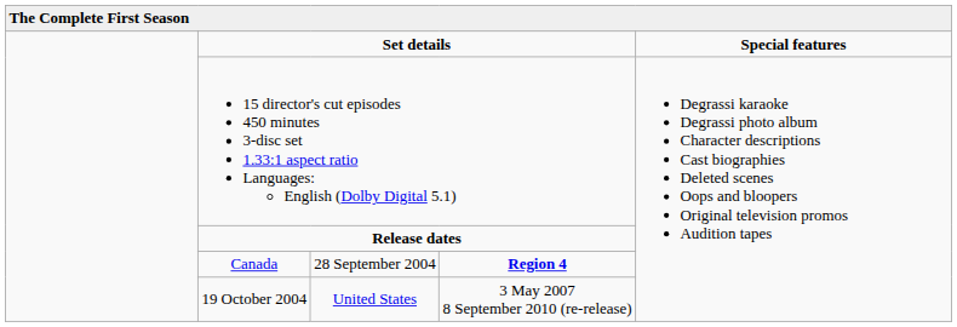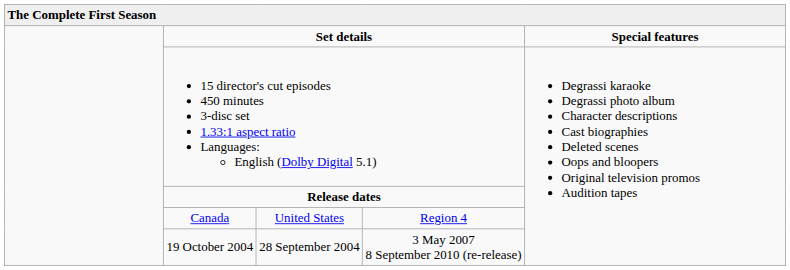 <table class="wikitable" style="font-size: 95%;">
 <tr style="background:#EFEFEF">
 <td colspan="5"><strong>The Complete First Season</strong></td>
 </tr>
 <tr valign="top">
 <td rowspan="5" valign="center" align="center" width="180"></td>
 <td align="center" width="400" colspan="3"><strong>Set details</strong></td>
 <td width="300" align="center"><strong>Special features</strong></td>
 </tr>
 <tr valign="top">
 <td colspan="3" align="left" width="400"><br><ul><li>15 director's cut episodes</li><li>450 minutes</li><li>3-disc set</li><li><a href='#'>1.33:1 aspect ratio</a></li><li>Languages:<ul><li>English (<a href='#'>Dolby Digital</a> 5.1)</li></ul></li></ul></td>
 <td rowspan="4" align="left" width="300"><br><ul><li>Degrassi karaoke</li><li>Degrassi photo album</li><li>Character descriptions</li><li>Cast biographies</li><li>Deleted scenes</li><li>Oops and bloopers</li><li>Original television promos</li><li>Audition tapes</li></ul></td>
 </tr>
 <tr>
 <td colspan="3" align="center"><strong>Release dates</strong></td>
 </tr>
 <tr>
 <td align="center"> <a href='#'>Canada</a></td>
-<td align="center">28 September 2004</td>
-<td align="center"><strong> <a href='#'>Region 4</a></strong></td>
+<td align="center"> <a href='#'>United States</a></td>
+<td align="center"> <a href='#'>Region 4</a></td>
 </tr>
 <tr>
 <td align="center">19 October 2004</td>
-<td align="center"> <a href='#'>United States</a></td>
+<td align="center">28 September 2004</td>
 <td align="center">3 May 2007<br>8 September 2010 (re-release)</td>
 </tr>
 </table>
